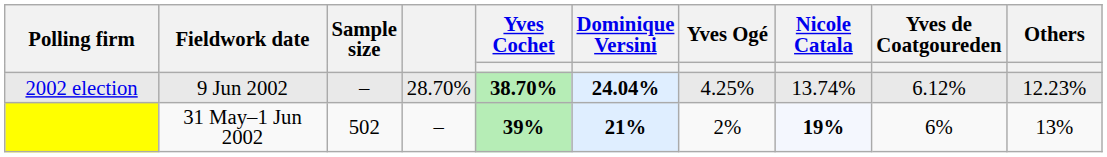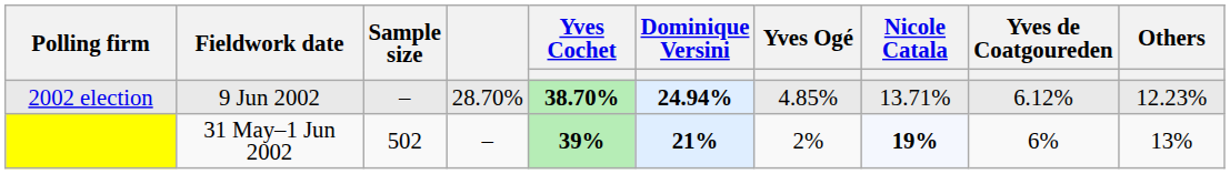 <table class="wikitable sortable" style="text-align:center;font-size:90%;line-height:14px;">
 <tr style="height:40px;">
 <th style="width:100px;" rowspan="2">Polling firm</th>
 <th style="width:110px;" rowspan="2">Fieldwork date</th>
 <th style="width:35px;" rowspan="2">Sample<br>size</th>
 <th style="width:30px;" rowspan="2"></th>
 <th class="unsortable" style="width:60px;"><a href='#'>Yves Cochet</a><br></th>
 <th class="unsortable" style="width:60px;"><a href='#'>Dominique Versini</a><br></th>
 <th class="unsortable" style="width:60px;">Yves Ogé<br></th>
 <th class="unsortable" style="width:60px;"><a href='#'>Nicole Catala</a><br></th>
 <th class="unsortable" style="width:60px;">Yves de Coatgoureden<br></th>
 <th class="unsortable" style="width:60px;">Others</th>
 </tr>
 <tr>
 <th style="background:"></th>
 <th style="background:"></th>
 <th style="background:"></th>
 <th style="background:"></th>
 <th style="background:"></th>
 <th style="background:"></th>
 </tr>
 <tr style="background:#E9E9E9;">
 <td><a href='#'>2002 election</a></td>
 <td data-sort-value="2002-06-09">9 Jun 2002</td>
 <td>–</td>
 <td>28.70%</td>
 <td style="background:#B6EDB6;"><strong>38.70%</strong></td>
-<td style="background:#DFEEFF;"><strong>24.04%</strong></td>
-<td>4.25%</td>
-<td>13.74%</td>
+<td style="background:#DFEEFF;"><strong>24.94%</strong></td>
+<td>4.85%</td>
+<td>13.71%</td>
 <td>6.12%</td>
 <td>12.23%</td>
 </tr>
 <tr>
 <td style="background:yellow;"></td>
 <td data-sort-value="2002-06-01">31 May–1 Jun 2002</td>
 <td>502</td>
 <td>–</td>
 <td style="background:#B6EDB6;"><strong>39%</strong></td>
 <td style="background:#DFEEFF;"><strong>21%</strong></td>
 <td>2%</td>
 <td style="background:#F4F7FE;"><strong>19%</strong></td>
 <td>6%</td>
 <td>13%</td>
 </tr>
 </table>
